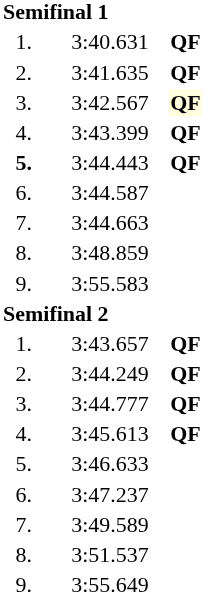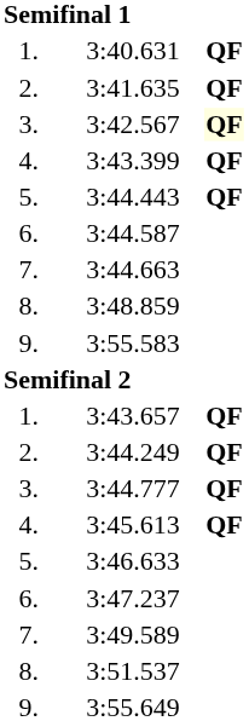 <table style="text-align:center">
 <tr>
 <td colspan=4 align=left><strong>Semifinal 1</strong></td>
 </tr>
 <tr>
 <td width=30>1.</td>
 <td align=left></td>
 <td width=80>3:40.631</td>
 <td><strong>QF</strong></td>
 </tr>
 <tr>
 <td>2.</td>
 <td align=left></td>
 <td>3:41.635</td>
 <td><strong>QF</strong></td>
 </tr>
 <tr>
 <td>3.</td>
 <td align=left></td>
 <td>3:42.567</td>
 <td style="background: lightyellow;"><strong>QF</strong></td>
 </tr>
 <tr>
 <td>4.</td>
 <td align=left></td>
 <td>3:43.399</td>
 <td><strong>QF</strong></td>
 </tr>
 <tr>
-<td><strong>5.</strong></td>
+<td>5.</td>
 <td align=left></td>
 <td>3:44.443</td>
 <td><strong>QF</strong></td>
 </tr>
 <tr>
 <td>6.</td>
 <td align=left></td>
 <td>3:44.587</td>
 <td></td>
 </tr>
 <tr>
 <td>7.</td>
 <td align=left></td>
 <td>3:44.663</td>
 <td></td>
 </tr>
 <tr>
 <td>8.</td>
 <td align=left></td>
 <td>3:48.859</td>
 <td></td>
 </tr>
 <tr>
 <td>9.</td>
 <td align=left></td>
 <td>3:55.583</td>
 <td></td>
 </tr>
 <tr>
 <td colspan=4 align=left><strong>Semifinal 2</strong></td>
 </tr>
 <tr>
 <td>1.</td>
 <td align=left></td>
 <td>3:43.657</td>
 <td><strong>QF</strong></td>
 </tr>
 <tr>
 <td>2.</td>
 <td align=left></td>
 <td>3:44.249</td>
 <td><strong>QF</strong></td>
 </tr>
 <tr>
 <td>3.</td>
 <td align=left></td>
 <td>3:44.777</td>
 <td><strong>QF</strong></td>
 </tr>
 <tr>
 <td>4.</td>
 <td align=left></td>
 <td>3:45.613</td>
 <td><strong>QF</strong></td>
 </tr>
 <tr>
 <td>5.</td>
 <td align=left></td>
 <td>3:46.633</td>
 <td></td>
 </tr>
 <tr>
 <td>6.</td>
 <td align=left></td>
 <td>3:47.237</td>
 <td></td>
 </tr>
 <tr>
 <td>7.</td>
 <td align=left></td>
 <td>3:49.589</td>
 <td></td>
 </tr>
 <tr>
 <td>8.</td>
 <td align=left></td>
 <td>3:51.537</td>
 <td></td>
 </tr>
 <tr>
 <td>9.</td>
 <td align=left></td>
 <td>3:55.649</td>
 <td></td>
 </tr>
 </table>
